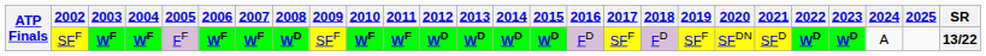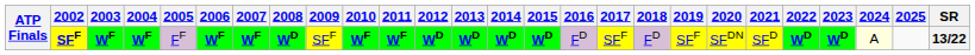 <table class="wikitable nowrap" style="text-align:center; font-size: 95%;">
 <tr>
 <th rowspan="2" width="150"><a href='#'>ATP Finals</a></th>
 <th><a href='#'>2002</a></th>
 <th><a href='#'>2003</a></th>
 <th><a href='#'>2004</a></th>
 <th><a href='#'>2005</a></th>
 <th><a href='#'>2006</a></th>
 <th><a href='#'>2007</a></th>
 <th><a href='#'>2008</a></th>
 <th><a href='#'>2009</a></th>
 <th><a href='#'>2010</a></th>
 <th><a href='#'>2011</a></th>
 <th><a href='#'>2012</a></th>
 <th><a href='#'>2013</a></th>
 <th><a href='#'>2014</a></th>
 <th><a href='#'>2015</a></th>
 <th><a href='#'>2016</a></th>
 <th><a href='#'>2017</a></th>
 <th><a href='#'>2018</a></th>
 <th><a href='#'>2019</a></th>
 <th><a href='#'>2020</a></th>
 <th><a href='#'>2021</a></th>
 <th><a href='#'>2022</a></th>
 <th><a href='#'>2023</a></th>
 <th><a href='#'>2024</a></th>
 <th><a href='#'>2025</a></th>
 <th width="60">SR</th>
 </tr>
 <tr>
-<td style="background:yellow;"><a href='#'>SF</a><sup>F</sup></td>
+<td style="background:yellow;"><strong><a href='#'>SF</a><sup>F</sup></strong></td>
 <td style="background-color:lime"><a href='#'><strong>W</strong></a><sup><strong>F</strong></sup></td>
 <td style="background-color:lime"><a href='#'><strong>W</strong></a><sup><strong>F</strong></sup></td>
 <td style="background:thistle;"><a href='#'>F</a><sup>F</sup></td>
 <td style="background-color:lime"><a href='#'><strong>W</strong></a><sup><strong>F</strong></sup></td>
 <td style="background-color:lime"><a href='#'><strong>W</strong></a><sup><strong>F</strong></sup></td>
 <td style="background-color:lime"><a href='#'><strong>W</strong></a><sup><strong>D</strong></sup></td>
 <td style="background:yellow;"><a href='#'>SF</a><sup>F</sup></td>
 <td style="background-color:lime"><a href='#'><strong>W</strong></a><sup><strong>F</strong></sup></td>
 <td style="background-color:lime"><a href='#'><strong>W</strong></a><sup><strong>F</strong></sup></td>
 <td style="background-color:lime"><a href='#'><strong>W</strong></a><sup><strong>D</strong></sup></td>
 <td style="background-color:lime"><a href='#'><strong>W</strong></a><sup><strong>D</strong></sup></td>
 <td style="background-color:lime"><a href='#'><strong>W</strong></a><sup><strong>D</strong></sup></td>
 <td style="background-color:lime"><a href='#'><strong>W</strong></a><sup><strong>D</strong></sup></td>
 <td style="background:thistle;"><a href='#'>F</a><sup>D</sup></td>
 <td style="background-color:yellow"><a href='#'>SF</a><sup>F</sup></td>
 <td style="background:thistle;"><a href='#'>F</a><sup>D</sup></td>
 <td style="background-color:yellow"><a href='#'>SF</a><sup>F</sup></td>
 <td style="background-color:yellow"><a href='#'>SF</a><sup>DN</sup></td>
 <td style="background-color:yellow"><a href='#'>SF</a><sup>D</sup></td>
 <td style="background-color:lime"><a href='#'><strong>W</strong></a><sup><strong>D</strong></sup></td>
 <td style="background-color:lime"><a href='#'><strong>W</strong></a><sup><strong>D</strong></sup></td>
-<td>A</td>
+<td style="background: lightyellow;">A</td>
 <td></td>
 <th>13/22</th>
 </tr>
 </table>
